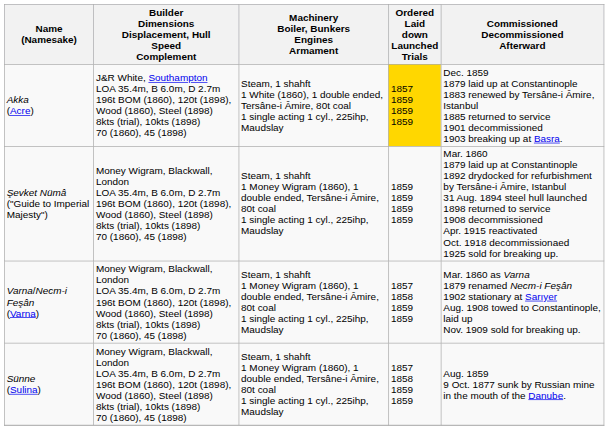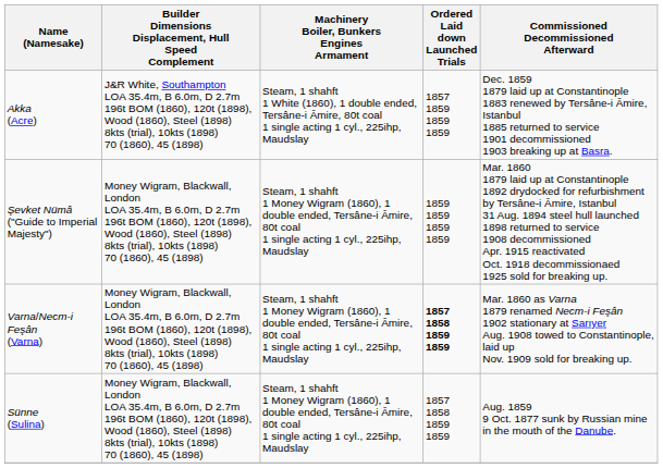 <table class="wikitable" style="font-size:90%;">
 <tr bgcolor="#e6e9ff">
 <th>Name<br>(Namesake)</th>
 <th>Builder<br>Dimensions<br>Displacement, Hull<br>Speed<br>Complement</th>
 <th>Machinery<br>Boiler, Bunkers<br>Engines<br>Armament</th>
 <th>Ordered<br>Laid down<br>Launched<br>Trials</th>
 <th>Commissioned<br>Decommissioned<br>Afterward</th>
 </tr>
 <tr ---->
 <td><em>Akka</em><br>(<a href='#'>Acre</a>)</td>
 <td> J&R White, <a href='#'>Southampton</a><br>LOA 35.4m, B 6.0m, D 2.7m<br>196t BOM (1860), 120t (1898), Wood (1860), Steel (1898)<br>8kts (trial), 10kts (1898)<br>70 (1860), 45 (1898)</td>
 <td>Steam, 1 shahft<br>1 White (1860), 1 double ended, Tersâne-i Âmire, 80t coal<br>1 single acting 1 cyl., 225ihp, Maudslay</td>
-<td style="background: gold;">1857<br>1859<br>1859<br>1859</td>
+<td>1857<br>1859<br>1859<br>1859</td>
 <td>Dec. 1859<br>1879 laid up at Constantinople<br>1883 renewed by Tersâne-i Âmire, Istanbul<br>1885 returned to service<br>1901 decommissioned<br>1903 breaking up at <a href='#'>Basra</a>.</td>
 </tr>
 <tr ---->
 <td><em>Şevket Nümâ</em><br>("Guide to Imperial Majesty")</td>
 <td> Money Wigram, Blackwall, London<br>LOA 35.4m, B 6.0m, D 2.7m<br>196t BOM (1860), 120t (1898), Wood (1860), Steel (1898)<br>8kts (trial), 10kts (1898)<br>70 (1860), 45 (1898)</td>
 <td>Steam, 1 shahft<br>1 Money Wigram (1860), 1 double ended, Tersâne-i Âmire, 80t coal<br>1 single acting 1 cyl., 225ihp, Maudslay</td>
 <td>1859<br>1859<br>1859<br>1859</td>
 <td>Mar. 1860<br>1879 laid up at Constantinople<br>1892 drydocked for refurbishment by Tersâne-i Âmire, Istanbul<br>31 Aug. 1894 steel hull launched<br>1898 returned to service<br>1908 decommissioned<br>Apr. 1915 reactivated<br>Oct. 1918 decommissionaed<br>1925 sold for breaking up.</td>
 </tr>
 <tr ---->
 <td><em>Varna</em>/<em>Necm-i Feşân</em><br>(<a href='#'>Varna</a>)</td>
 <td> Money Wigram, Blackwall, London<br>LOA 35.4m, B 6.0m, D 2.7m<br>196t BOM (1860), 120t (1898), Wood (1860), Steel (1898)<br>8kts (trial), 10kts (1898)<br>70 (1860), 45 (1898)</td>
 <td>Steam, 1 shahft<br>1 Money Wigram (1860), 1 double ended, Tersâne-i Âmire, 80t coal<br>1 single acting 1 cyl., 225ihp, Maudslay</td>
-<td>1857<br>1858<br>1859<br>1859</td>
+<td><strong>1857<br>1858<br>1859<br>1859</strong></td>
 <td>Mar. 1860 as <em>Varna</em><br>1879 renamed <em>Necm-i Feşân</em><br>1902 stationary at <a href='#'>Sarıyer</a><br>Aug. 1908 towed to Constantinople, laid up<br>Nov. 1909 sold for breaking up.</td>
 </tr>
 <tr ---->
 <td><em>Sünne</em><br>(<a href='#'>Sulina</a>)</td>
 <td> Money Wigram, Blackwall, London<br>LOA 35.4m, B 6.0m, D 2.7m<br>196t BOM (1860), 120t (1898), Wood (1860), Steel (1898)<br>8kts (trial), 10kts (1898)<br>70 (1860), 45 (1898)</td>
 <td>Steam, 1 shahft<br>1 Money Wigram (1860), 1 double ended, Tersâne-i Âmire, 80t coal<br>1 single acting 1 cyl., 225ihp, Maudslay</td>
 <td>1857<br>1858<br>1859<br>1859</td>
 <td>Aug. 1859<br>9 Oct. 1877 sunk by Russian mine in the mouth of the <a href='#'>Danube</a>.</td>
 </tr>
 <tr ---->
 </tr>
 </table>
